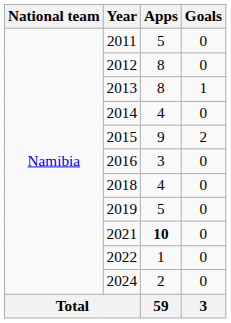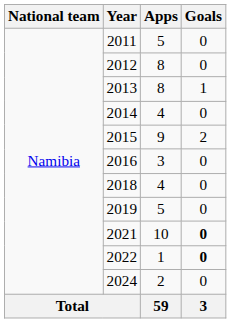 <table class=wikitable style=text-align:center>
 <tr>
 <th>National team</th>
 <th>Year</th>
 <th>Apps</th>
 <th>Goals</th>
 </tr>
 <tr>
 <td rowspan="11"><a href='#'>Namibia</a></td>
 <td>2011</td>
 <td>5</td>
 <td>0</td>
 </tr>
 <tr>
 <td>2012</td>
 <td>8</td>
 <td>0</td>
 </tr>
 <tr>
 <td>2013</td>
 <td>8</td>
 <td>1</td>
 </tr>
 <tr>
 <td>2014</td>
 <td>4</td>
 <td>0</td>
 </tr>
 <tr>
 <td>2015</td>
 <td>9</td>
 <td>2</td>
 </tr>
 <tr>
 <td>2016</td>
 <td>3</td>
 <td>0</td>
 </tr>
 <tr>
 <td>2018</td>
 <td>4</td>
 <td>0</td>
 </tr>
 <tr>
 <td>2019</td>
 <td>5</td>
 <td>0</td>
 </tr>
 <tr>
 <td>2021</td>
-<td><strong>10</strong></td>
-<td>0</td>
+<td>10</td>
+<td><strong>0</strong></td>
 </tr>
 <tr>
 <td>2022</td>
 <td>1</td>
-<td>0</td>
+<td><strong>0</strong></td>
 </tr>
 <tr>
 <td>2024</td>
 <td>2</td>
 <td>0</td>
 </tr>
 <tr>
 <th colspan=2>Total</th>
 <th>59</th>
 <th>3</th>
 </tr>
 </table>
